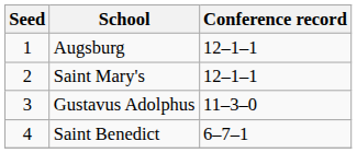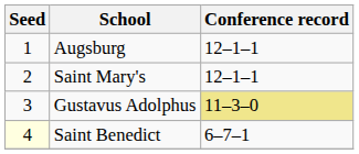 <table class="wikitable">
 <tr>
 <th>Seed</th>
 <th>School</th>
 <th>Conference record</th>
 </tr>
 <tr>
 <td align=center>1</td>
 <td>Augsburg</td>
 <td>12–1–1</td>
 </tr>
 <tr>
 <td align=center>2</td>
 <td>Saint Mary's</td>
 <td>12–1–1</td>
 </tr>
 <tr>
 <td align=center>3</td>
 <td>Gustavus Adolphus</td>
-<td>11–3–0</td>
+<td style="background: khaki;">11–3–0</td>
 </tr>
 <tr>
-<td align=center>4</td>
+<td align=center style="background: lightyellow;">4</td>
 <td>Saint Benedict</td>
 <td>6–7–1</td>
 </tr>
 <tr>
 </tr>
 </table>
